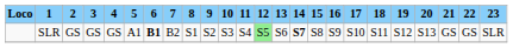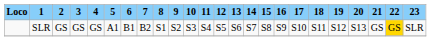 <table class="wikitable plainrowheaders unsortable" style="text-align:center">
 <tr>
 <th scope="col" rowspan="1" style="background:lightskyblue;">Loco</th>
 <th scope="col" rowspan="1" style="background:lightskyblue;">1</th>
 <th scope="col" rowspan="1" style="background:lightskyblue;">2</th>
 <th scope="col" rowspan="1" style="background:lightskyblue;">3</th>
 <th scope="col" rowspan="1" style="background:lightskyblue;">4</th>
 <th scope="col" rowspan="1" style="background:lightskyblue;">5</th>
 <th scope="col" rowspan="1" style="background:lightskyblue;">6</th>
 <th scope="col" rowspan="1" style="background:lightskyblue;">7</th>
 <th scope="col" rowspan="1" style="background:lightskyblue;">8</th>
 <th scope="col" rowspan="1" style="background:lightskyblue;">9</th>
 <th scope="col" rowspan="1" style="background:lightskyblue;">10</th>
 <th scope="col" rowspan="1" style="background:lightskyblue;">11</th>
 <th scope="col" rowspan="1" style="background:lightskyblue;">12</th>
 <th scope="col" rowspan="1" style="background:lightskyblue;">13</th>
 <th scope="col" rowspan="1" style="background:lightskyblue;">14</th>
 <th scope="col" rowspan="1" style="background:lightskyblue;">15</th>
 <th scope="col" rowspan="1" style="background:lightskyblue;">16</th>
 <th scope="col" rowspan="1" style="background:lightskyblue;">17</th>
 <th scope="col" rowspan="1" style="background:lightskyblue;">18</th>
 <th scope="col" rowspan="1" style="background:lightskyblue;">19</th>
 <th scope="col" rowspan="1" style="background:lightskyblue;">20</th>
 <th scope="col" rowspan="1" style="background:lightskyblue;">21</th>
 <th scope="col" rowspan="1" style="background:lightskyblue;">22</th>
 <th scope="col" rowspan="1" style="background:lightskyblue;">23</th>
 </tr>
 <tr>
 <td></td>
 <td>SLR</td>
 <td>GS</td>
 <td>GS</td>
 <td>GS</td>
 <td>A1</td>
-<td><strong>B1</strong></td>
+<td>B1</td>
 <td>B2</td>
 <td>S1</td>
 <td>S2</td>
 <td>S3</td>
 <td>S4</td>
-<td style="background: lightgreen;">S5</td>
+<td>S5</td>
 <td>S6</td>
-<td><strong>S7</strong></td>
+<td>S7</td>
 <td>S8</td>
 <td>S9</td>
 <td>S10</td>
 <td>S11</td>
 <td>S12</td>
 <td>S13</td>
 <td>GS</td>
-<td>GS</td>
+<td style="background: gold;">GS</td>
 <td>SLR</td>
 </tr>
 <tr>
 </tr>
 </table>
